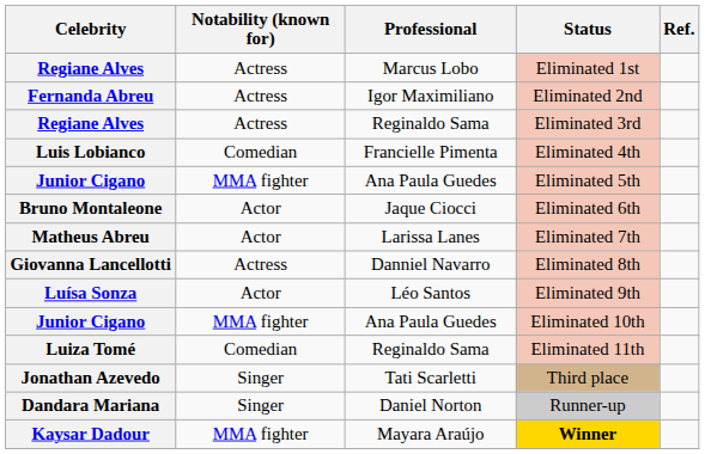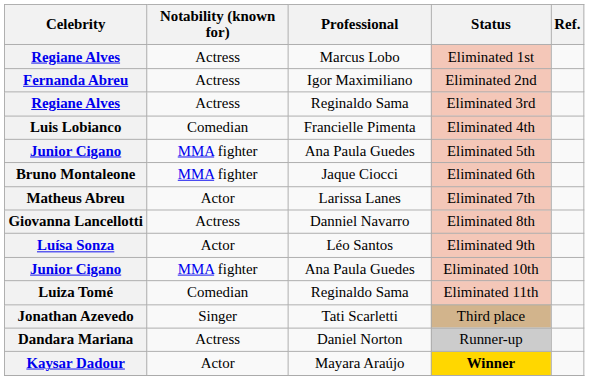 <table class= "wikitable sortable" style="text-align: center; margin:1em auto; align: center">
 <tr>
 <th width=150>Celebrity</th>
 <th width=150>Notability (known for)</th>
 <th width=150>Professional</th>
 <th width=125>Status</th>
 <th width=015>Ref.</th>
 </tr>
 <tr>
 <th><a href='#'>Regiane Alves</a></th>
 <td>Actress</td>
 <td>Marcus Lobo</td>
 <td bgcolor=F4C7B8>Eliminated 1st<br></td>
 <td><br></td>
 </tr>
 <tr>
 <th><a href='#'>Fernanda Abreu</a></th>
 <td>Actress</td>
 <td>Igor Maximiliano</td>
 <td bgcolor=F4C7B8>Eliminated 2nd<br></td>
 <td><br></td>
 </tr>
 <tr>
 <th><a href='#'>Regiane Alves</a> <br> </th>
 <td>Actress</td>
 <td>Reginaldo Sama</td>
 <td bgcolor=F4C7B8>Eliminated 3rd<br></td>
 <td><br></td>
 </tr>
 <tr>
 <th>Luis Lobianco</th>
 <td>Comedian</td>
 <td>Francielle Pimenta</td>
 <td bgcolor=F4C7B8>Eliminated 4th<br></td>
 <td><br></td>
 </tr>
 <tr>
 <th><a href='#'>Junior Cigano</a><br></th>
 <td><a href='#'>MMA</a> fighter</td>
 <td>Ana Paula Guedes</td>
 <td bgcolor=F4C7B8>Eliminated 5th <br> </td>
 <td><br></td>
 </tr>
 <tr>
 <th>Bruno Montaleone</th>
-<td>Actor</td>
+<td><a href='#'>MMA</a> fighter</td>
 <td>Jaque Ciocci</td>
 <td bgcolor=F4C7B8>Eliminated 6th <br> </td>
 <td><br></td>
 </tr>
 <tr>
 <th>Matheus Abreu</th>
 <td>Actor</td>
 <td>Larissa Lanes</td>
 <td bgcolor=F4C7B8>Eliminated 7th<br></td>
 <td></td>
 </tr>
 <tr>
 <th>Giovanna Lancellotti</th>
 <td>Actress</td>
 <td>Danniel Navarro</td>
 <td bgcolor=F4C7B8>Eliminated 8th<br></td>
 <td></td>
 </tr>
 <tr>
 <th><a href='#'>Luísa Sonza</a></th>
 <td>Actor</td>
 <td>Léo Santos</td>
 <td bgcolor=F4C7B8>Eliminated 9th<br></td>
 <td></td>
 </tr>
 <tr>
 <th><a href='#'>Junior Cigano</a></th>
 <td><a href='#'>MMA</a> fighter</td>
 <td>Ana Paula Guedes</td>
 <td bgcolor=F4C7B8>Eliminated 10th<br></td>
 <td></td>
 </tr>
 <tr>
 <th>Luiza Tomé</th>
 <td>Comedian</td>
 <td>Reginaldo Sama</td>
 <td bgcolor=F4C7B8>Eliminated 11th<br></td>
 <td></td>
 </tr>
 <tr>
 <th>Jonathan Azevedo</th>
 <td>Singer</td>
 <td>Tati Scarletti</td>
 <td bgcolor=D2B48C>Third place<br></td>
 <td></td>
 </tr>
 <tr>
 <th>Dandara Mariana</th>
-<td>Singer</td>
+<td>Actress</td>
 <td>Daniel Norton</td>
 <td bgcolor=CCCCCC>Runner-up <br> </td>
 <td></td>
 </tr>
 <tr>
 <th><a href='#'>Kaysar Dadour</a></th>
-<td><a href='#'>MMA</a> fighter</td>
+<td>Actor</td>
 <td>Mayara Araújo</td>
 <td bgcolor=FFD700><strong>Winner</strong><br></td>
 <td></td>
 </tr>
 <tr>
 </tr>
 </table>
